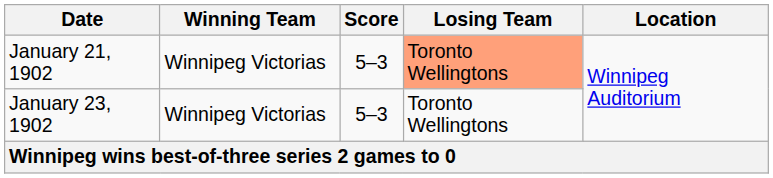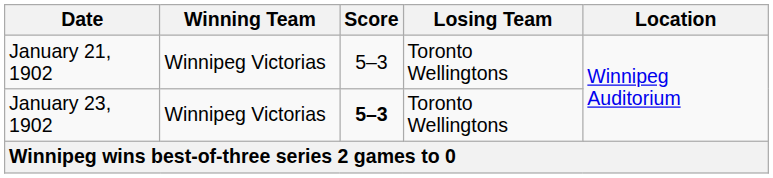 <table class="wikitable">
 <tr>
 <th width="120">Date</th>
 <th width="140">Winning Team</th>
 <th width="5">Score</th>
 <th width="140">Losing Team</th>
 <th width="145">Location</th>
 </tr>
 <tr>
 <td>January 21, 1902</td>
 <td>Winnipeg Victorias</td>
 <td align="center">5–3</td>
-<td style="background: lightsalmon;">Toronto Wellingtons</td>
+<td>Toronto Wellingtons</td>
 <td rowspan="2"><a href='#'>Winnipeg Auditorium</a></td>
 </tr>
 <tr>
 <td>January 23, 1902</td>
 <td>Winnipeg Victorias</td>
-<td align="center">5–3</td>
+<td align="center"><strong>5–3</strong></td>
 <td>Toronto Wellingtons</td>
 </tr>
 <tr>
 <th colspan="5" style="text-align:left;">Winnipeg wins best-of-three series 2 games to 0</th>
 </tr>
 </table>
